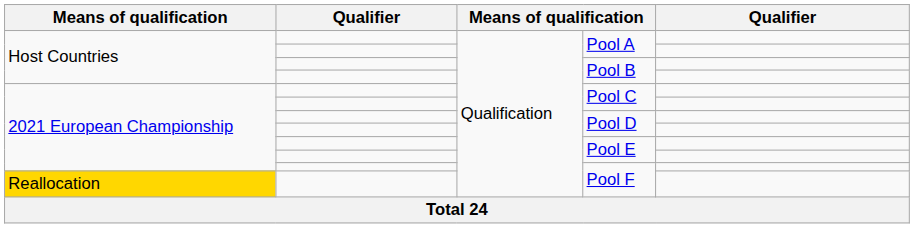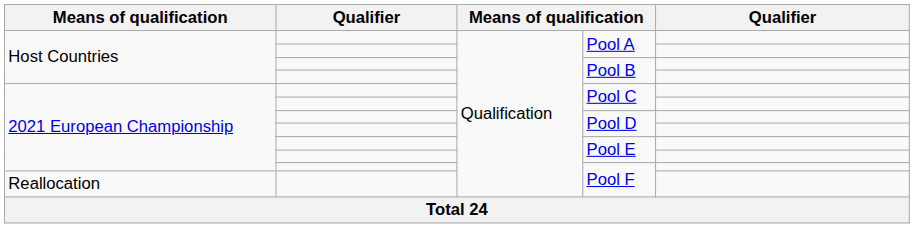 <table class="wikitable">
 <tr>
 <th width=30%>Means of qualification</th>
 <th width=20%>Qualifier</th>
 <th colspan=2 width=22%>Means of qualification</th>
 <th width=28%>Qualifier</th>
 </tr>
 <tr>
 <td rowspan=4>Host Countries</td>
 <td></td>
 <td rowspan=12>Qualification</td>
 <td rowspan=2><a href='#'>Pool A</a></td>
 <td></td>
 </tr>
 <tr>
 <td></td>
 <td></td>
 </tr>
 <tr>
 <td></td>
 <td rowspan=2><a href='#'>Pool B</a></td>
 <td></td>
 </tr>
 <tr>
 <td></td>
 <td></td>
 </tr>
 <tr>
 <td rowspan=7><a href='#'>2021 European Championship</a></td>
 <td></td>
 <td rowspan=2><a href='#'>Pool C</a></td>
 <td></td>
 </tr>
 <tr>
 <td></td>
 <td></td>
 </tr>
 <tr>
 <td></td>
 <td rowspan=2><a href='#'>Pool D</a></td>
 <td></td>
 </tr>
 <tr>
 <td></td>
 <td></td>
 </tr>
 <tr>
 <td></td>
 <td rowspan=2><a href='#'>Pool E</a></td>
 <td></td>
 </tr>
 <tr>
 <td></td>
 <td></td>
 </tr>
 <tr>
 <td></td>
 <td rowspan=2><a href='#'>Pool F</a></td>
 <td></td>
 </tr>
 <tr>
-<td style="background: gold;">Reallocation</td>
+<td>Reallocation</td>
 <td></td>
 <td></td>
 </tr>
 <tr>
 <th colspan=5>Total 24</th>
 </tr>
 </table>
